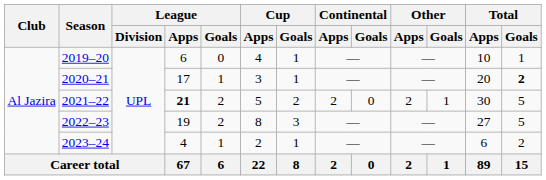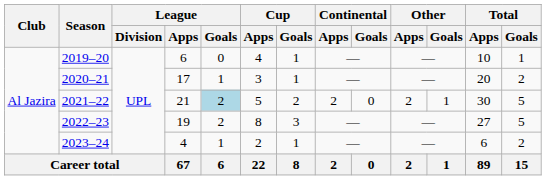 <table class="wikitable" style="text-align: center">
 <tr>
 <th rowspan="2">Club</th>
 <th rowspan="2">Season</th>
 <th colspan="3">League</th>
 <th colspan="2">Cup</th>
 <th colspan="2">Continental</th>
 <th colspan="2">Other</th>
 <th colspan="2">Total</th>
 </tr>
 <tr>
 <th>Division</th>
 <th>Apps</th>
 <th>Goals</th>
 <th>Apps</th>
 <th>Goals</th>
 <th>Apps</th>
 <th>Goals</th>
 <th>Apps</th>
 <th>Goals</th>
 <th>Apps</th>
 <th>Goals</th>
 </tr>
 <tr>
 <td rowspan=5><a href='#'>Al Jazira</a></td>
 <td><a href='#'>2019–20</a></td>
 <td rowspan=5><a href='#'>UPL</a></td>
 <td>6</td>
 <td>0</td>
 <td>4</td>
 <td>1</td>
 <td colspan=2>—</td>
 <td colspan=2>—</td>
 <td>10</td>
 <td>1</td>
 </tr>
 <tr>
 <td><a href='#'>2020–21</a></td>
 <td>17</td>
 <td>1</td>
 <td>3</td>
 <td>1</td>
 <td colspan=2>—</td>
 <td colspan=2>—</td>
 <td>20</td>
-<td><strong>2</strong></td>
+<td>2</td>
 </tr>
 <tr>
 <td><a href='#'>2021–22</a></td>
-<td><strong>21</strong></td>
-<td>2</td>
+<td>21</td>
+<td style="background: lightblue;">2</td>
 <td>5</td>
 <td>2</td>
 <td>2</td>
 <td>0</td>
 <td>2</td>
 <td>1</td>
 <td>30</td>
 <td>5</td>
 </tr>
 <tr>
 <td><a href='#'>2022–23</a></td>
 <td>19</td>
 <td>2</td>
 <td>8</td>
 <td>3</td>
 <td colspan=2>—</td>
 <td colspan=2>—</td>
 <td>27</td>
 <td>5</td>
 </tr>
 <tr>
 <td><a href='#'>2023–24</a></td>
 <td>4</td>
 <td>1</td>
 <td>2</td>
 <td>1</td>
 <td colspan=2>—</td>
 <td colspan=2>—</td>
 <td>6</td>
 <td>2</td>
 </tr>
 <tr>
 <th colspan="3"><strong>Career total</strong></th>
 <th>67</th>
 <th>6</th>
 <th>22</th>
 <th>8</th>
 <th>2</th>
 <th>0</th>
 <th>2</th>
 <th>1</th>
 <th>89</th>
 <th>15</th>
 </tr>
 </table>
